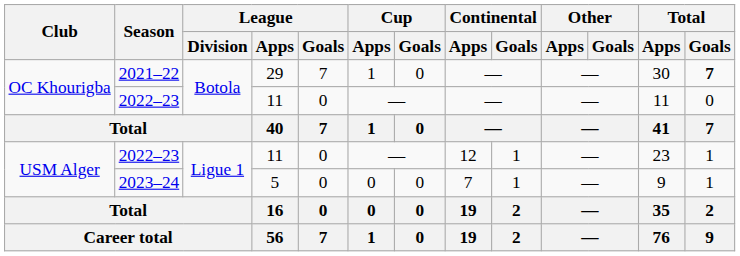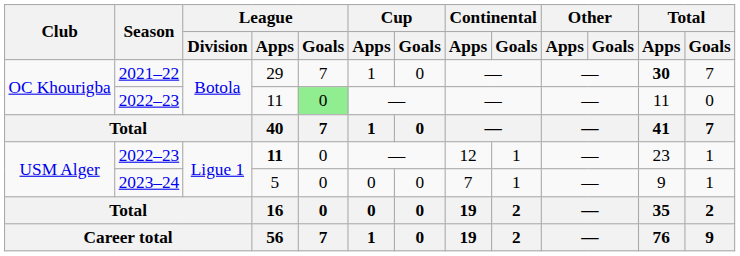 <table class="wikitable" style="text-align: center;">
 <tr>
 <th rowspan="2">Club</th>
 <th rowspan="2">Season</th>
 <th colspan="3">League</th>
 <th colspan="2">Cup</th>
 <th colspan="2">Continental</th>
 <th colspan="2">Other</th>
 <th colspan="2">Total</th>
 </tr>
 <tr>
 <th>Division</th>
 <th>Apps</th>
 <th>Goals</th>
 <th>Apps</th>
 <th>Goals</th>
 <th>Apps</th>
 <th>Goals</th>
 <th>Apps</th>
 <th>Goals</th>
 <th>Apps</th>
 <th>Goals</th>
 </tr>
 <tr>
 <td rowspan=2><a href='#'>OC Khourigba</a></td>
 <td><a href='#'>2021–22</a></td>
 <td rowspan=2><a href='#'>Botola</a></td>
 <td>29</td>
 <td>7</td>
 <td>1</td>
 <td>0</td>
 <td colspan=2>—</td>
 <td colspan=2>—</td>
-<td>30</td>
-<td><strong>7</strong></td>
+<td><strong>30</strong></td>
+<td>7</td>
 </tr>
 <tr>
 <td><a href='#'>2022–23</a></td>
 <td>11</td>
-<td>0</td>
+<td style="background: lightgreen;">0</td>
 <td colspan=2>—</td>
 <td colspan=2>—</td>
 <td colspan=2>—</td>
 <td>11</td>
 <td>0</td>
 </tr>
 <tr>
 <th colspan="3">Total</th>
 <th>40</th>
 <th>7</th>
 <th>1</th>
 <th>0</th>
 <th colspan=2>—</th>
 <th colspan=2>—</th>
 <th>41</th>
 <th>7</th>
 </tr>
 <tr>
 <td rowspan=2 valign="center"><a href='#'>USM Alger</a></td>
 <td><a href='#'>2022–23</a></td>
 <td rowspan=2><a href='#'>Ligue 1</a></td>
-<td>11</td>
+<td><strong>11</strong></td>
 <td>0</td>
 <td colspan=2>—</td>
 <td>12</td>
 <td>1</td>
 <td colspan=2>—</td>
 <td>23</td>
 <td>1</td>
 </tr>
 <tr>
 <td><a href='#'>2023–24</a></td>
 <td>5</td>
 <td>0</td>
 <td>0</td>
 <td>0</td>
 <td>7</td>
 <td>1</td>
 <td colspan=2>—</td>
 <td>9</td>
 <td>1</td>
 </tr>
 <tr>
 <th colspan="3">Total</th>
 <th>16</th>
 <th>0</th>
 <th>0</th>
 <th>0</th>
 <th>19</th>
 <th>2</th>
 <th colspan=2>—</th>
 <th>35</th>
 <th>2</th>
 </tr>
 <tr>
 <th colspan="3">Career total</th>
 <th>56</th>
 <th>7</th>
 <th>1</th>
 <th>0</th>
 <th>19</th>
 <th>2</th>
 <th colspan=2>—</th>
 <th>76</th>
 <th>9</th>
 </tr>
 </table>
